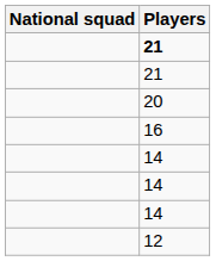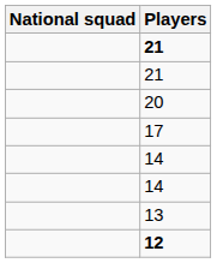 <table class="wikitable sortable">
 <tr>
 <th>National squad</th>
 <th>Players</th>
 </tr>
 <tr>
 <td></td>
 <td><strong>21</strong></td>
 </tr>
 <tr>
 <td></td>
 <td>21</td>
 </tr>
 <tr>
 <td></td>
 <td>20</td>
 </tr>
 <tr>
 <td></td>
-<td>16</td>
+<td>17</td>
 </tr>
 <tr>
 <td></td>
 <td>14</td>
 </tr>
 <tr>
 <td></td>
 <td>14</td>
 </tr>
 <tr>
 <td></td>
-<td>14</td>
+<td>13</td>
 </tr>
 <tr>
 <td></td>
-<td>12</td>
+<td><strong>12</strong></td>
 </tr>
 </table>
